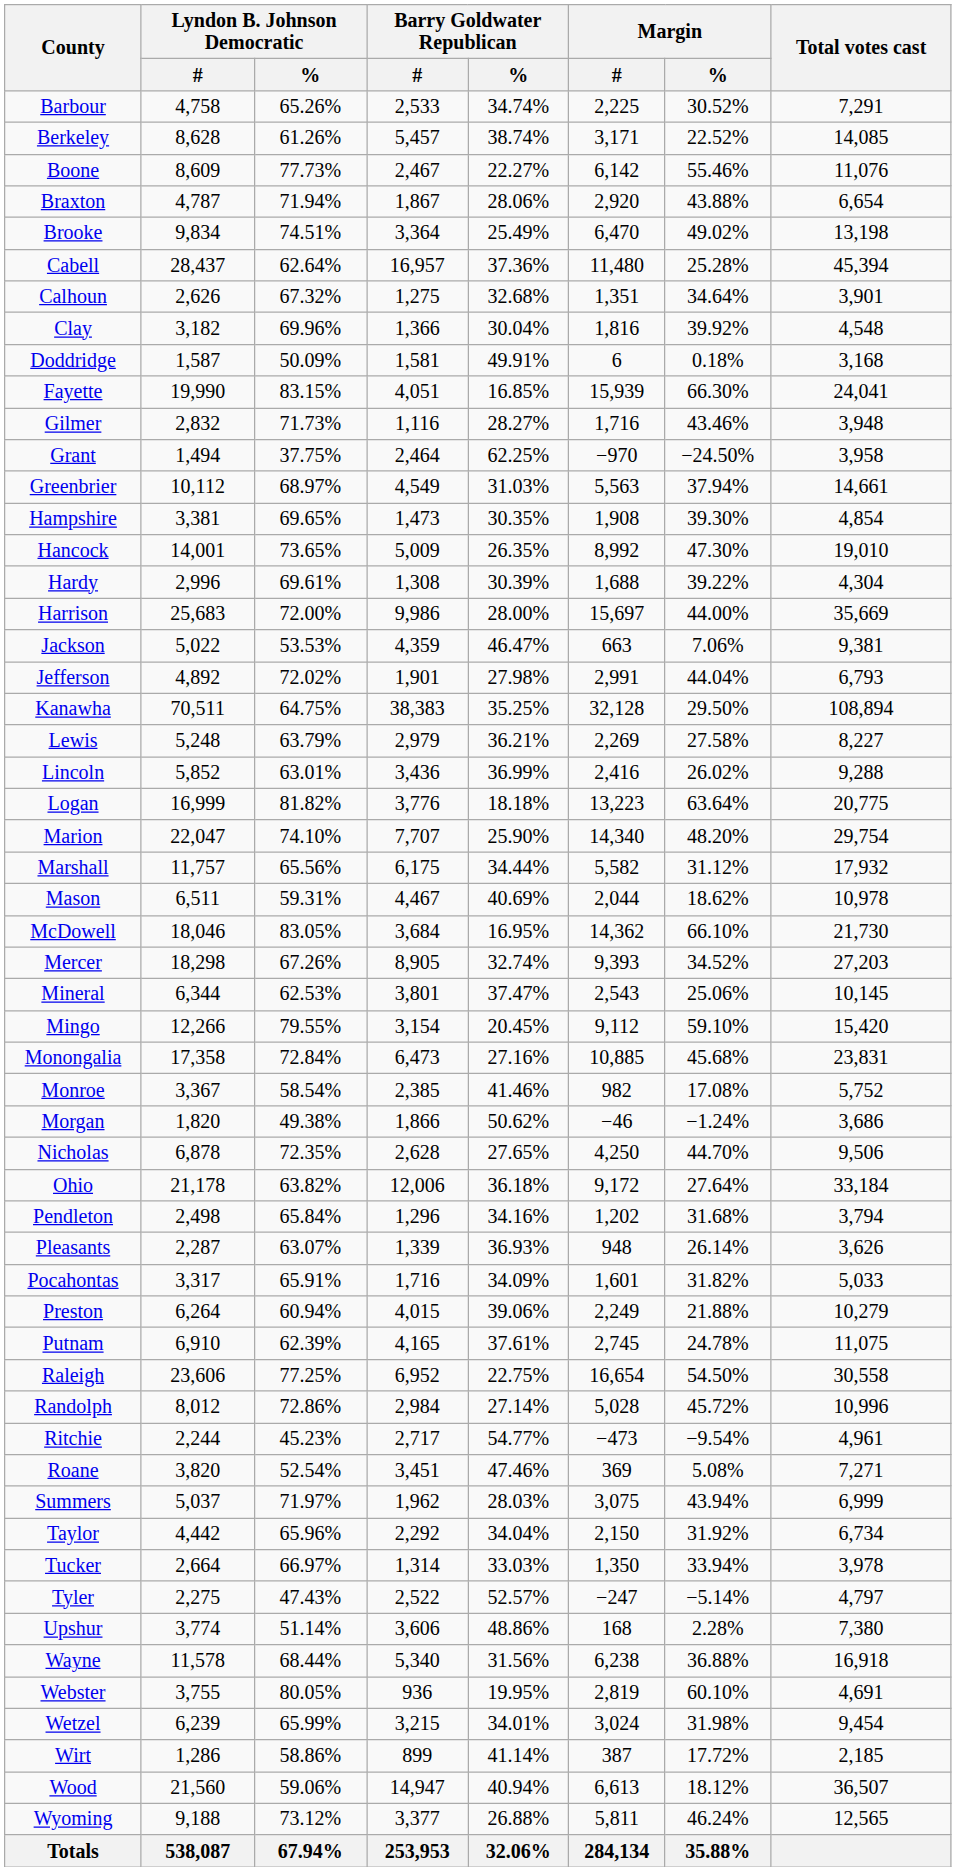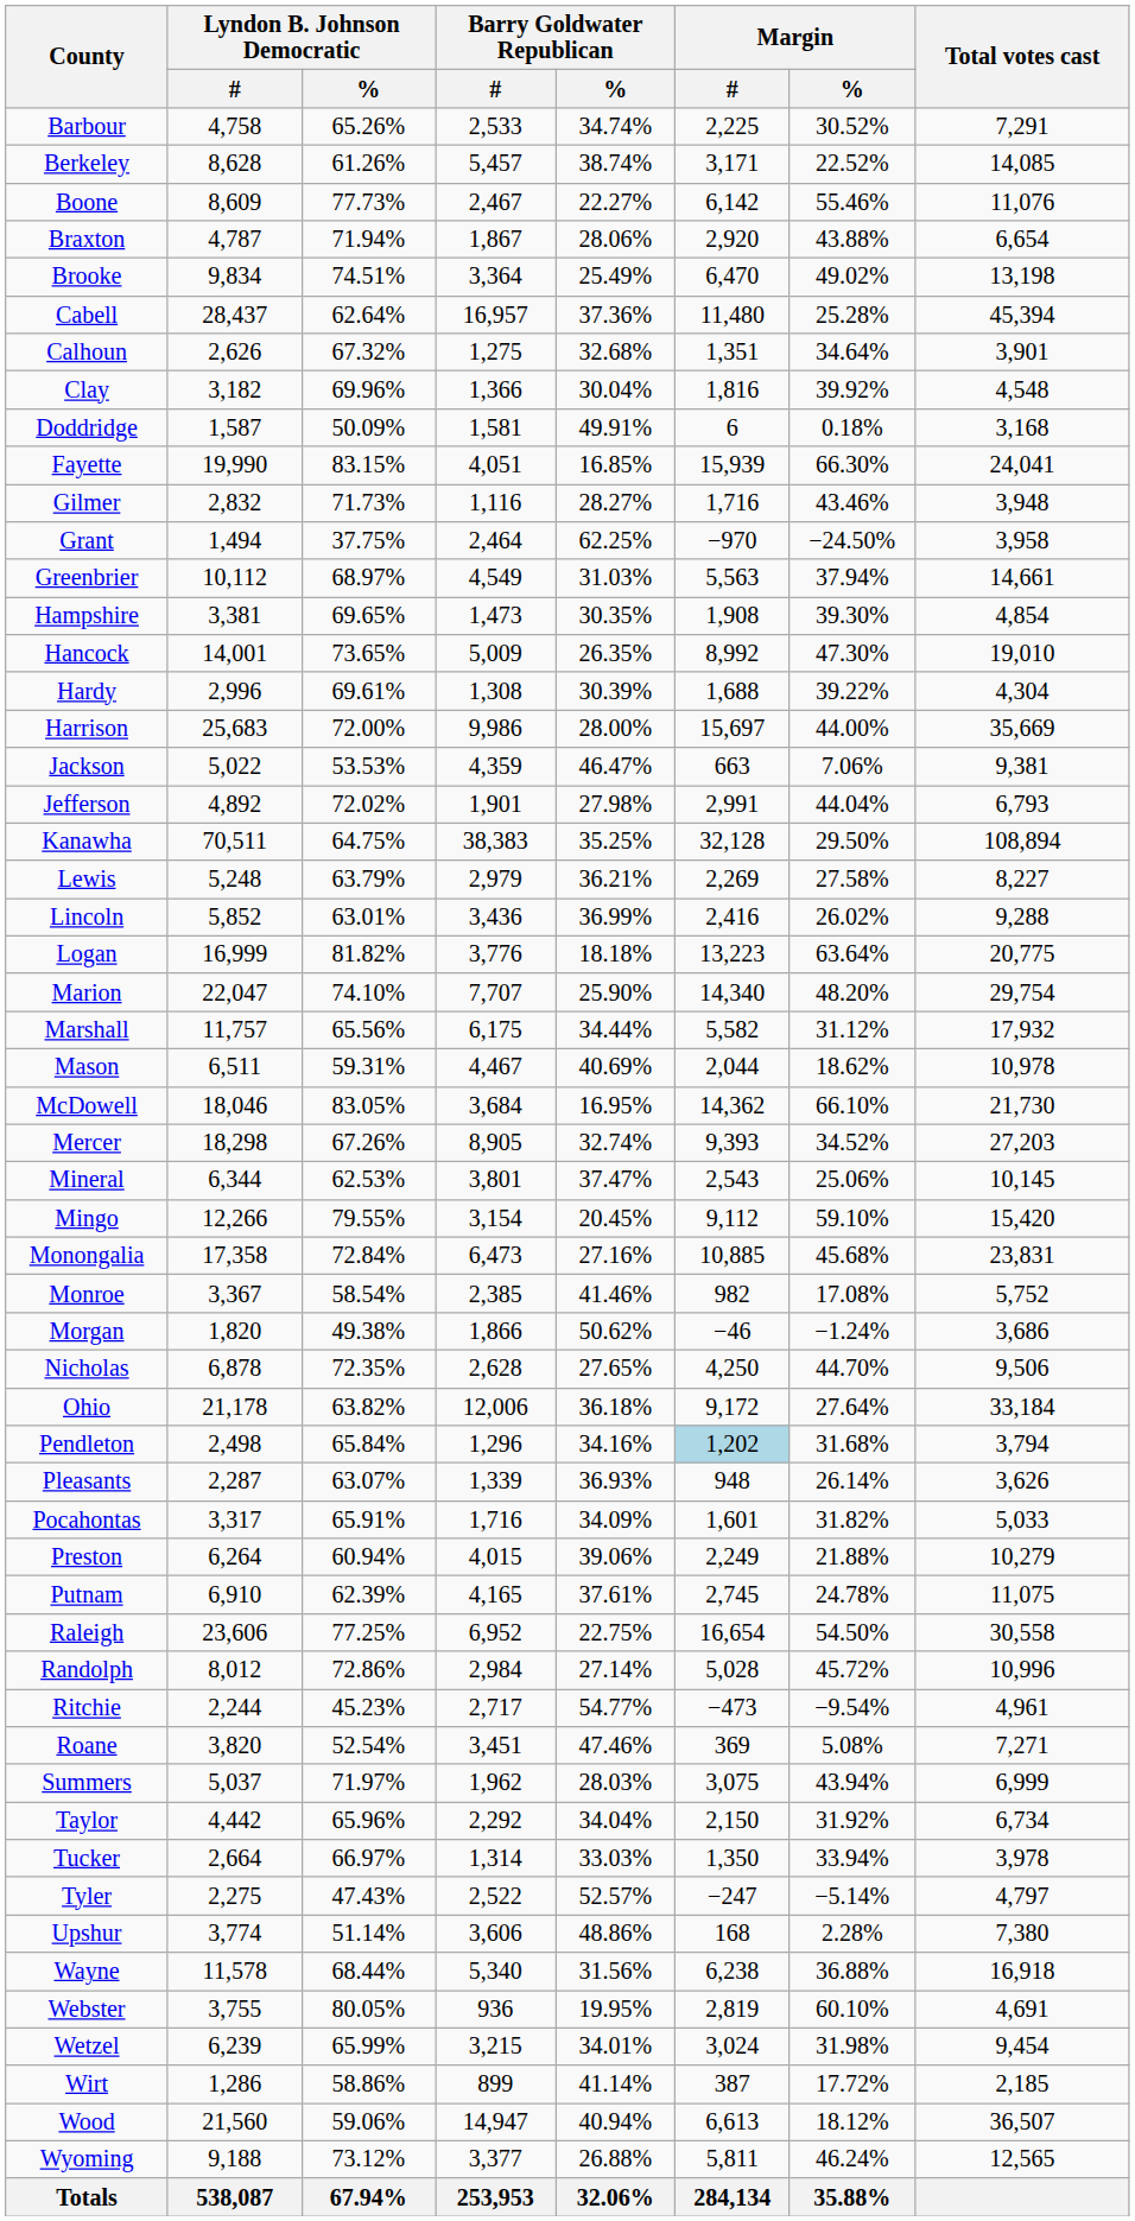 <table width="60%" class="wikitable sortable" style="text-align:center">
 <tr>
 <th style="text-align:center;" rowspan="2">County</th>
 <th style="text-align:center;" colspan="2">Lyndon B. Johnson<br> Democratic</th>
 <th style="text-align:center;" colspan="2">Barry Goldwater<br>Republican</th>
 <th style="text-align:center;" colspan="2">Margin</th>
 <th style="text-align:center;" rowspan="2">Total votes cast</th>
 </tr>
 <tr>
 <th style="text-align:center;" data-sort-type="number">#</th>
 <th style="text-align:center;" data-sort-type="number">%</th>
 <th style="text-align:center;" data-sort-type="number">#</th>
 <th style="text-align:center;" data-sort-type="number">%</th>
 <th style="text-align:center;" data-sort-type="number">#</th>
 <th style="text-align:center;" data-sort-type="number">%</th>
 </tr>
 <tr style="text-align:center;">
 <td><a href='#'>Barbour</a></td>
 <td>4,758</td>
 <td>65.26%</td>
 <td>2,533</td>
 <td>34.74%</td>
 <td>2,225</td>
 <td>30.52%</td>
 <td>7,291</td>
 </tr>
 <tr style="text-align:center;">
 <td><a href='#'>Berkeley</a></td>
 <td>8,628</td>
 <td>61.26%</td>
 <td>5,457</td>
 <td>38.74%</td>
 <td>3,171</td>
 <td>22.52%</td>
 <td>14,085</td>
 </tr>
 <tr style="text-align:center;">
 <td><a href='#'>Boone</a></td>
 <td>8,609</td>
 <td>77.73%</td>
 <td>2,467</td>
 <td>22.27%</td>
 <td>6,142</td>
 <td>55.46%</td>
 <td>11,076</td>
 </tr>
 <tr style="text-align:center;">
 <td><a href='#'>Braxton</a></td>
 <td>4,787</td>
 <td>71.94%</td>
 <td>1,867</td>
 <td>28.06%</td>
 <td>2,920</td>
 <td>43.88%</td>
 <td>6,654</td>
 </tr>
 <tr style="text-align:center;">
 <td><a href='#'>Brooke</a></td>
 <td>9,834</td>
 <td>74.51%</td>
 <td>3,364</td>
 <td>25.49%</td>
 <td>6,470</td>
 <td>49.02%</td>
 <td>13,198</td>
 </tr>
 <tr style="text-align:center;">
 <td><a href='#'>Cabell</a></td>
 <td>28,437</td>
 <td>62.64%</td>
 <td>16,957</td>
 <td>37.36%</td>
 <td>11,480</td>
 <td>25.28%</td>
 <td>45,394</td>
 </tr>
 <tr style="text-align:center;">
 <td><a href='#'>Calhoun</a></td>
 <td>2,626</td>
 <td>67.32%</td>
 <td>1,275</td>
 <td>32.68%</td>
 <td>1,351</td>
 <td>34.64%</td>
 <td>3,901</td>
 </tr>
 <tr style="text-align:center;">
 <td><a href='#'>Clay</a></td>
 <td>3,182</td>
 <td>69.96%</td>
 <td>1,366</td>
 <td>30.04%</td>
 <td>1,816</td>
 <td>39.92%</td>
 <td>4,548</td>
 </tr>
 <tr style="text-align:center;">
 <td><a href='#'>Doddridge</a></td>
 <td>1,587</td>
 <td>50.09%</td>
 <td>1,581</td>
 <td>49.91%</td>
 <td>6</td>
 <td>0.18%</td>
 <td>3,168</td>
 </tr>
 <tr style="text-align:center;">
 <td><a href='#'>Fayette</a></td>
 <td>19,990</td>
 <td>83.15%</td>
 <td>4,051</td>
 <td>16.85%</td>
 <td>15,939</td>
 <td>66.30%</td>
 <td>24,041</td>
 </tr>
 <tr style="text-align:center;">
 <td><a href='#'>Gilmer</a></td>
 <td>2,832</td>
 <td>71.73%</td>
 <td>1,116</td>
 <td>28.27%</td>
 <td>1,716</td>
 <td>43.46%</td>
 <td>3,948</td>
 </tr>
 <tr style="text-align:center;">
 <td><a href='#'>Grant</a></td>
 <td>1,494</td>
 <td>37.75%</td>
 <td>2,464</td>
 <td>62.25%</td>
 <td>−970</td>
 <td>−24.50%</td>
 <td>3,958</td>
 </tr>
 <tr style="text-align:center;">
 <td><a href='#'>Greenbrier</a></td>
 <td>10,112</td>
 <td>68.97%</td>
 <td>4,549</td>
 <td>31.03%</td>
 <td>5,563</td>
 <td>37.94%</td>
 <td>14,661</td>
 </tr>
 <tr style="text-align:center;">
 <td><a href='#'>Hampshire</a></td>
 <td>3,381</td>
 <td>69.65%</td>
 <td>1,473</td>
 <td>30.35%</td>
 <td>1,908</td>
 <td>39.30%</td>
 <td>4,854</td>
 </tr>
 <tr style="text-align:center;">
 <td><a href='#'>Hancock</a></td>
 <td>14,001</td>
 <td>73.65%</td>
 <td>5,009</td>
 <td>26.35%</td>
 <td>8,992</td>
 <td>47.30%</td>
 <td>19,010</td>
 </tr>
 <tr style="text-align:center;">
 <td><a href='#'>Hardy</a></td>
 <td>2,996</td>
 <td>69.61%</td>
 <td>1,308</td>
 <td>30.39%</td>
 <td>1,688</td>
 <td>39.22%</td>
 <td>4,304</td>
 </tr>
 <tr style="text-align:center;">
 <td><a href='#'>Harrison</a></td>
 <td>25,683</td>
 <td>72.00%</td>
 <td>9,986</td>
 <td>28.00%</td>
 <td>15,697</td>
 <td>44.00%</td>
 <td>35,669</td>
 </tr>
 <tr style="text-align:center;">
 <td><a href='#'>Jackson</a></td>
 <td>5,022</td>
 <td>53.53%</td>
 <td>4,359</td>
 <td>46.47%</td>
 <td>663</td>
 <td>7.06%</td>
 <td>9,381</td>
 </tr>
 <tr style="text-align:center;">
 <td><a href='#'>Jefferson</a></td>
 <td>4,892</td>
 <td>72.02%</td>
 <td>1,901</td>
 <td>27.98%</td>
 <td>2,991</td>
 <td>44.04%</td>
 <td>6,793</td>
 </tr>
 <tr style="text-align:center;">
 <td><a href='#'>Kanawha</a></td>
 <td>70,511</td>
 <td>64.75%</td>
 <td>38,383</td>
 <td>35.25%</td>
 <td>32,128</td>
 <td>29.50%</td>
 <td>108,894</td>
 </tr>
 <tr style="text-align:center;">
 <td><a href='#'>Lewis</a></td>
 <td>5,248</td>
 <td>63.79%</td>
 <td>2,979</td>
 <td>36.21%</td>
 <td>2,269</td>
 <td>27.58%</td>
 <td>8,227</td>
 </tr>
 <tr style="text-align:center;">
 <td><a href='#'>Lincoln</a></td>
 <td>5,852</td>
 <td>63.01%</td>
 <td>3,436</td>
 <td>36.99%</td>
 <td>2,416</td>
 <td>26.02%</td>
 <td>9,288</td>
 </tr>
 <tr style="text-align:center;">
 <td><a href='#'>Logan</a></td>
 <td>16,999</td>
 <td>81.82%</td>
 <td>3,776</td>
 <td>18.18%</td>
 <td>13,223</td>
 <td>63.64%</td>
 <td>20,775</td>
 </tr>
 <tr style="text-align:center;">
 <td><a href='#'>Marion</a></td>
 <td>22,047</td>
 <td>74.10%</td>
 <td>7,707</td>
 <td>25.90%</td>
 <td>14,340</td>
 <td>48.20%</td>
 <td>29,754</td>
 </tr>
 <tr style="text-align:center;">
 <td><a href='#'>Marshall</a></td>
 <td>11,757</td>
 <td>65.56%</td>
 <td>6,175</td>
 <td>34.44%</td>
 <td>5,582</td>
 <td>31.12%</td>
 <td>17,932</td>
 </tr>
 <tr style="text-align:center;">
 <td><a href='#'>Mason</a></td>
 <td>6,511</td>
 <td>59.31%</td>
 <td>4,467</td>
 <td>40.69%</td>
 <td>2,044</td>
 <td>18.62%</td>
 <td>10,978</td>
 </tr>
 <tr style="text-align:center;">
 <td><a href='#'>McDowell</a></td>
 <td>18,046</td>
 <td>83.05%</td>
 <td>3,684</td>
 <td>16.95%</td>
 <td>14,362</td>
 <td>66.10%</td>
 <td>21,730</td>
 </tr>
 <tr style="text-align:center;">
 <td><a href='#'>Mercer</a></td>
 <td>18,298</td>
 <td>67.26%</td>
 <td>8,905</td>
 <td>32.74%</td>
 <td>9,393</td>
 <td>34.52%</td>
 <td>27,203</td>
 </tr>
 <tr style="text-align:center;">
 <td><a href='#'>Mineral</a></td>
 <td>6,344</td>
 <td>62.53%</td>
 <td>3,801</td>
 <td>37.47%</td>
 <td>2,543</td>
 <td>25.06%</td>
 <td>10,145</td>
 </tr>
 <tr style="text-align:center;">
 <td><a href='#'>Mingo</a></td>
 <td>12,266</td>
 <td>79.55%</td>
 <td>3,154</td>
 <td>20.45%</td>
 <td>9,112</td>
 <td>59.10%</td>
 <td>15,420</td>
 </tr>
 <tr style="text-align:center;">
 <td><a href='#'>Monongalia</a></td>
 <td>17,358</td>
 <td>72.84%</td>
 <td>6,473</td>
 <td>27.16%</td>
 <td>10,885</td>
 <td>45.68%</td>
 <td>23,831</td>
 </tr>
 <tr style="text-align:center;">
 <td><a href='#'>Monroe</a></td>
 <td>3,367</td>
 <td>58.54%</td>
 <td>2,385</td>
 <td>41.46%</td>
 <td>982</td>
 <td>17.08%</td>
 <td>5,752</td>
 </tr>
 <tr style="text-align:center;">
 <td><a href='#'>Morgan</a></td>
 <td>1,820</td>
 <td>49.38%</td>
 <td>1,866</td>
 <td>50.62%</td>
 <td>−46</td>
 <td>−1.24%</td>
 <td>3,686</td>
 </tr>
 <tr style="text-align:center;">
 <td><a href='#'>Nicholas</a></td>
 <td>6,878</td>
 <td>72.35%</td>
 <td>2,628</td>
 <td>27.65%</td>
 <td>4,250</td>
 <td>44.70%</td>
 <td>9,506</td>
 </tr>
 <tr style="text-align:center;">
 <td><a href='#'>Ohio</a></td>
 <td>21,178</td>
 <td>63.82%</td>
 <td>12,006</td>
 <td>36.18%</td>
 <td>9,172</td>
 <td>27.64%</td>
 <td>33,184</td>
 </tr>
 <tr style="text-align:center;">
 <td><a href='#'>Pendleton</a></td>
 <td>2,498</td>
 <td>65.84%</td>
 <td>1,296</td>
 <td>34.16%</td>
-<td>1,202</td>
+<td style="background: lightblue;">1,202</td>
 <td>31.68%</td>
 <td>3,794</td>
 </tr>
 <tr style="text-align:center;">
 <td><a href='#'>Pleasants</a></td>
 <td>2,287</td>
 <td>63.07%</td>
 <td>1,339</td>
 <td>36.93%</td>
 <td>948</td>
 <td>26.14%</td>
 <td>3,626</td>
 </tr>
 <tr style="text-align:center;">
 <td><a href='#'>Pocahontas</a></td>
 <td>3,317</td>
 <td>65.91%</td>
 <td>1,716</td>
 <td>34.09%</td>
 <td>1,601</td>
 <td>31.82%</td>
 <td>5,033</td>
 </tr>
 <tr style="text-align:center;">
 <td><a href='#'>Preston</a></td>
 <td>6,264</td>
 <td>60.94%</td>
 <td>4,015</td>
 <td>39.06%</td>
 <td>2,249</td>
 <td>21.88%</td>
 <td>10,279</td>
 </tr>
 <tr style="text-align:center;">
 <td><a href='#'>Putnam</a></td>
 <td>6,910</td>
 <td>62.39%</td>
 <td>4,165</td>
 <td>37.61%</td>
 <td>2,745</td>
 <td>24.78%</td>
 <td>11,075</td>
 </tr>
 <tr style="text-align:center;">
 <td><a href='#'>Raleigh</a></td>
 <td>23,606</td>
 <td>77.25%</td>
 <td>6,952</td>
 <td>22.75%</td>
 <td>16,654</td>
 <td>54.50%</td>
 <td>30,558</td>
 </tr>
 <tr style="text-align:center;">
 <td><a href='#'>Randolph</a></td>
 <td>8,012</td>
 <td>72.86%</td>
 <td>2,984</td>
 <td>27.14%</td>
 <td>5,028</td>
 <td>45.72%</td>
 <td>10,996</td>
 </tr>
 <tr style="text-align:center;">
 <td><a href='#'>Ritchie</a></td>
 <td>2,244</td>
 <td>45.23%</td>
 <td>2,717</td>
 <td>54.77%</td>
 <td>−473</td>
 <td>−9.54%</td>
 <td>4,961</td>
 </tr>
 <tr style="text-align:center;">
 <td><a href='#'>Roane</a></td>
 <td>3,820</td>
 <td>52.54%</td>
 <td>3,451</td>
 <td>47.46%</td>
 <td>369</td>
 <td>5.08%</td>
 <td>7,271</td>
 </tr>
 <tr style="text-align:center;">
 <td><a href='#'>Summers</a></td>
 <td>5,037</td>
 <td>71.97%</td>
 <td>1,962</td>
 <td>28.03%</td>
 <td>3,075</td>
 <td>43.94%</td>
 <td>6,999</td>
 </tr>
 <tr style="text-align:center;">
 <td><a href='#'>Taylor</a></td>
 <td>4,442</td>
 <td>65.96%</td>
 <td>2,292</td>
 <td>34.04%</td>
 <td>2,150</td>
 <td>31.92%</td>
 <td>6,734</td>
 </tr>
 <tr style="text-align:center;">
 <td><a href='#'>Tucker</a></td>
 <td>2,664</td>
 <td>66.97%</td>
 <td>1,314</td>
 <td>33.03%</td>
 <td>1,350</td>
 <td>33.94%</td>
 <td>3,978</td>
 </tr>
 <tr style="text-align:center;">
 <td><a href='#'>Tyler</a></td>
 <td>2,275</td>
 <td>47.43%</td>
 <td>2,522</td>
 <td>52.57%</td>
 <td>−247</td>
 <td>−5.14%</td>
 <td>4,797</td>
 </tr>
 <tr style="text-align:center;">
 <td><a href='#'>Upshur</a></td>
 <td>3,774</td>
 <td>51.14%</td>
 <td>3,606</td>
 <td>48.86%</td>
 <td>168</td>
 <td>2.28%</td>
 <td>7,380</td>
 </tr>
 <tr style="text-align:center;">
 <td><a href='#'>Wayne</a></td>
 <td>11,578</td>
 <td>68.44%</td>
 <td>5,340</td>
 <td>31.56%</td>
 <td>6,238</td>
 <td>36.88%</td>
 <td>16,918</td>
 </tr>
 <tr style="text-align:center;">
 <td><a href='#'>Webster</a></td>
 <td>3,755</td>
 <td>80.05%</td>
 <td>936</td>
 <td>19.95%</td>
 <td>2,819</td>
 <td>60.10%</td>
 <td>4,691</td>
 </tr>
 <tr style="text-align:center;">
 <td><a href='#'>Wetzel</a></td>
 <td>6,239</td>
 <td>65.99%</td>
 <td>3,215</td>
 <td>34.01%</td>
 <td>3,024</td>
 <td>31.98%</td>
 <td>9,454</td>
 </tr>
 <tr style="text-align:center;">
 <td><a href='#'>Wirt</a></td>
 <td>1,286</td>
 <td>58.86%</td>
 <td>899</td>
 <td>41.14%</td>
 <td>387</td>
 <td>17.72%</td>
 <td>2,185</td>
 </tr>
 <tr style="text-align:center;">
 <td><a href='#'>Wood</a></td>
 <td>21,560</td>
 <td>59.06%</td>
 <td>14,947</td>
 <td>40.94%</td>
 <td>6,613</td>
 <td>18.12%</td>
 <td>36,507</td>
 </tr>
 <tr style="text-align:center;">
 <td><a href='#'>Wyoming</a></td>
 <td>9,188</td>
 <td>73.12%</td>
 <td>3,377</td>
 <td>26.88%</td>
 <td>5,811</td>
 <td>46.24%</td>
 <td>12,565</td>
 </tr>
 <tr>
 <th>Totals</th>
 <th>538,087</th>
 <th>67.94%</th>
 <th>253,953</th>
 <th>32.06%</th>
 <th>284,134</th>
 <th>35.88%</th>
 <th></th>
 </tr>
 </table>
